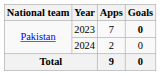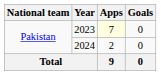 <table class="wikitable" style="text-align: center;">
 <tr>
 <th>National team</th>
 <th>Year</th>
 <th>Apps</th>
 <th>Goals</th>
 </tr>
 <tr>
 <td rowspan="2"><a href='#'>Pakistan</a></td>
 <td>2023</td>
-<td>7</td>
-<td><strong>0</strong></td>
+<td style="background: lightyellow;">7</td>
+<td>0</td>
 </tr>
 <tr>
 <td>2024</td>
 <td>2</td>
 <td>0</td>
 </tr>
 <tr>
 <th colspan="2">Total</th>
 <th>9</th>
 <th>0</th>
 </tr>
 </table>
